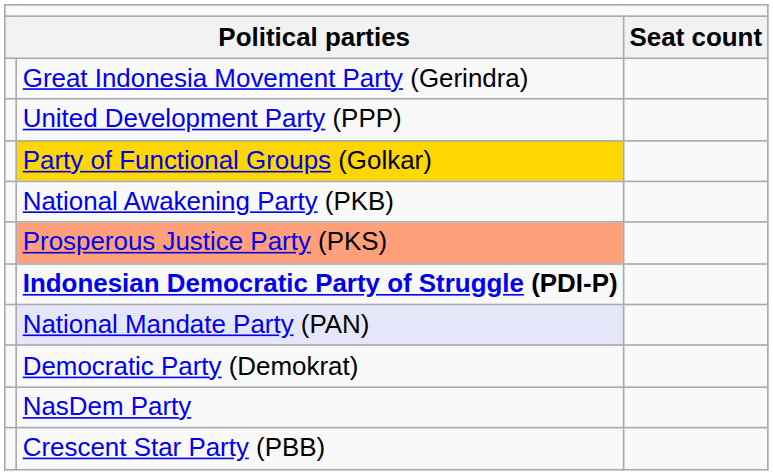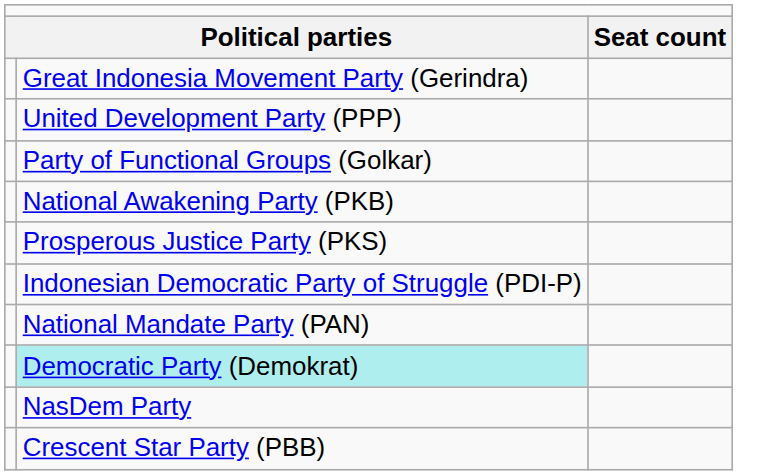 <table class="wikitable">
 <tr>
 <td colspan="4"></td>
 </tr>
 <tr>
 <th colspan="2">Political parties</th>
 <th>Seat count</th>
 </tr>
 <tr>
 <td bgcolor=></td>
 <td><a href='#'>Great Indonesia Movement Party</a> (Gerindra)</td>
 <td></td>
 </tr>
 <tr>
 <td bgcolor=></td>
 <td><a href='#'>United Development Party</a> (PPP)</td>
 <td></td>
 </tr>
 <tr>
 <td bgcolor=></td>
-<td style="background: gold;"><a href='#'>Party of Functional Groups</a> (Golkar)</td>
+<td><a href='#'>Party of Functional Groups</a> (Golkar)</td>
 <td></td>
 </tr>
 <tr>
 <td bgcolor=></td>
 <td><a href='#'>National Awakening Party</a> (PKB)</td>
 <td></td>
 </tr>
 <tr>
 <td bgcolor=></td>
-<td style="background: lightsalmon;"><a href='#'>Prosperous Justice Party</a> (PKS)</td>
+<td><a href='#'>Prosperous Justice Party</a> (PKS)</td>
 <td></td>
 </tr>
 <tr>
 <td bgcolor=></td>
-<td><strong><a href='#'>Indonesian Democratic Party of Struggle</a> (PDI-P)</strong></td>
+<td><a href='#'>Indonesian Democratic Party of Struggle</a> (PDI-P)</td>
 <td></td>
 </tr>
 <tr>
 <td bgcolor=></td>
-<td style="background: lavender;"><a href='#'>National Mandate Party</a> (PAN)</td>
+<td><a href='#'>National Mandate Party</a> (PAN)</td>
 <td></td>
 </tr>
 <tr>
 <td bgcolor=></td>
-<td><a href='#'>Democratic Party</a> (Demokrat)</td>
+<td style="background: paleturquoise;"><a href='#'>Democratic Party</a> (Demokrat)</td>
 <td></td>
 </tr>
 <tr>
 <td bgcolor=></td>
 <td><a href='#'>NasDem Party</a></td>
 <td></td>
 </tr>
 <tr>
 <td bgcolor=></td>
 <td><a href='#'>Crescent Star Party</a> (PBB)</td>
 <td></td>
 </tr>
 </table>
